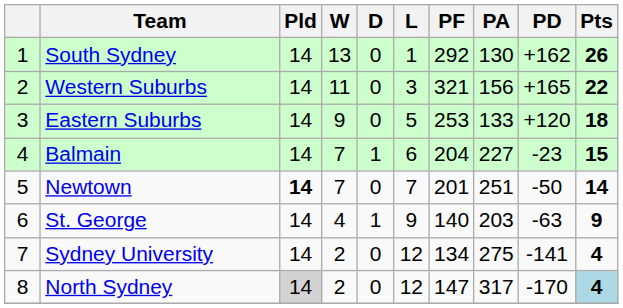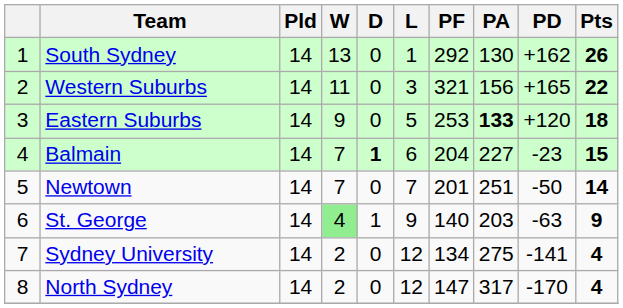 <table class="wikitable" style="text-align:center;">
 <tr>
 <th width=20 abbr="Position"></th>
 <th width=175>Team</th>
 <th width=20 abbr="Played">Pld</th>
 <th width=20 abbr="Won">W</th>
 <th width=20 abbr="Drawn">D</th>
 <th width=20 abbr="Lost">L</th>
 <th width=20 abbr="Points for">PF</th>
 <th width=20 abbr="Points against">PA</th>
 <th width=20 abbr="Points difference">PD</th>
 <th width=20 abbr="Points">Pts</th>
 </tr>
 <tr style="background: #ccffcc;">
 <td>1</td>
 <td style="text-align:left;"> <a href='#'>South Sydney</a></td>
 <td>14</td>
 <td>13</td>
 <td>0</td>
 <td>1</td>
 <td>292</td>
 <td>130</td>
 <td>+162</td>
 <td><strong>26</strong></td>
 </tr>
 <tr style="background: #ccffcc;">
 <td>2</td>
 <td style="text-align:left;"> <a href='#'>Western Suburbs</a></td>
 <td>14</td>
 <td>11</td>
 <td>0</td>
 <td>3</td>
 <td>321</td>
 <td>156</td>
 <td>+165</td>
 <td><strong>22</strong></td>
 </tr>
 <tr style="background: #ccffcc;">
 <td>3</td>
 <td style="text-align:left;"> <a href='#'>Eastern Suburbs</a></td>
 <td>14</td>
 <td>9</td>
 <td>0</td>
 <td>5</td>
 <td>253</td>
-<td>133</td>
+<td><strong>133</strong></td>
 <td>+120</td>
 <td><strong>18</strong></td>
 </tr>
 <tr style="background: #ccffcc;">
 <td>4</td>
 <td style="text-align:left;"> <a href='#'>Balmain</a></td>
 <td>14</td>
 <td>7</td>
-<td>1</td>
+<td><strong>1</strong></td>
 <td>6</td>
 <td>204</td>
 <td>227</td>
 <td>-23</td>
 <td><strong>15</strong></td>
 </tr>
 <tr>
 <td>5</td>
 <td style="text-align:left;"> <a href='#'>Newtown</a></td>
-<td><strong>14</strong></td>
+<td>14</td>
 <td>7</td>
 <td>0</td>
 <td>7</td>
 <td>201</td>
 <td>251</td>
 <td>-50</td>
 <td><strong>14</strong></td>
 </tr>
 <tr>
 <td>6</td>
 <td style="text-align:left;"> <a href='#'>St. George</a></td>
 <td>14</td>
-<td>4</td>
+<td style="background: lightgreen;">4</td>
 <td>1</td>
 <td>9</td>
 <td>140</td>
 <td>203</td>
 <td>-63</td>
 <td><strong>9</strong></td>
 </tr>
 <tr>
 <td>7</td>
 <td style="text-align:left;"> <a href='#'>Sydney University</a></td>
 <td>14</td>
 <td>2</td>
 <td>0</td>
 <td>12</td>
 <td>134</td>
 <td>275</td>
 <td>-141</td>
 <td><strong>4</strong></td>
 </tr>
 <tr>
 <td>8</td>
 <td style="text-align:left;"> <a href='#'>North Sydney</a></td>
-<td style="background: lightgrey;">14</td>
+<td>14</td>
 <td>2</td>
 <td>0</td>
 <td>12</td>
 <td>147</td>
 <td>317</td>
 <td>-170</td>
-<td style="background: lightblue;"><strong>4</strong></td>
+<td><strong>4</strong></td>
 </tr>
 <tr>
 </tr>
 </table>
